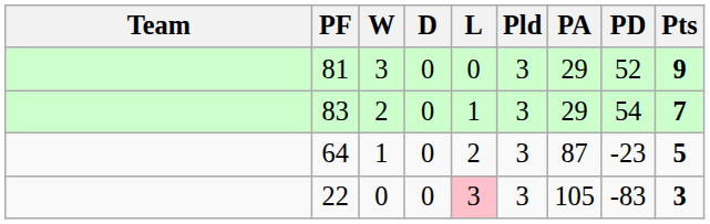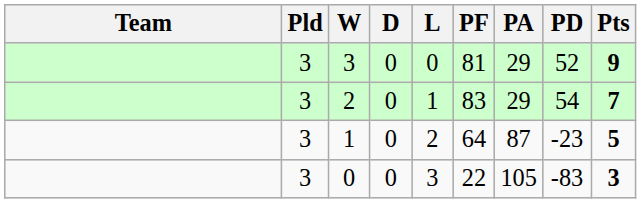 <table class="wikitable" style="text-align:center;">
 <tr>
 <th width=175>Team</th>
-<th width=20 abbr="Points for">PF</th>
+<th width=20 abbr="Played">Pld</th>
 <th width=20 abbr="Won">W</th>
 <th width=20 abbr="Drawn">D</th>
 <th width=20 abbr="Lost">L</th>
-<th width=20 abbr="Played">Pld</th>
+<th width=20 abbr="Points for">PF</th>
 <th width=20 abbr="Points against">PA</th>
 <th width=25 abbr="Points difference">PD</th>
 <th width=20 abbr="Points">Pts</th>
 </tr>
 <tr bgcolor=ccffcc>
 <td align=left></td>
-<td>81</td>
+<td>3</td>
 <td>3</td>
 <td>0</td>
 <td>0</td>
-<td>3</td>
+<td>81</td>
 <td>29</td>
 <td>52</td>
 <td><strong> 9 </strong></td>
 </tr>
 <tr bgcolor=ccffcc>
 <td align=left></td>
-<td>83</td>
+<td>3</td>
 <td>2</td>
 <td>0</td>
 <td>1</td>
-<td>3</td>
+<td>83</td>
 <td>29</td>
 <td>54</td>
 <td><strong> 7 </strong></td>
 </tr>
 <tr>
 <td align=left></td>
-<td>64</td>
+<td>3</td>
 <td>1</td>
 <td>0</td>
 <td>2</td>
-<td>3</td>
+<td>64</td>
 <td>87</td>
 <td>-23</td>
 <td><strong> 5 </strong></td>
 </tr>
 <tr>
 <td align=left></td>
-<td>22</td>
+<td>3</td>
 <td>0</td>
 <td>0</td>
-<td style="background: pink;">3</td>
 <td>3</td>
+<td>22</td>
 <td>105</td>
 <td>-83</td>
 <td><strong> 3 </strong></td>
 </tr>
 </table>
